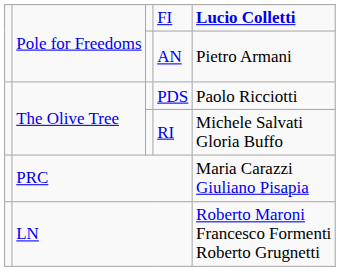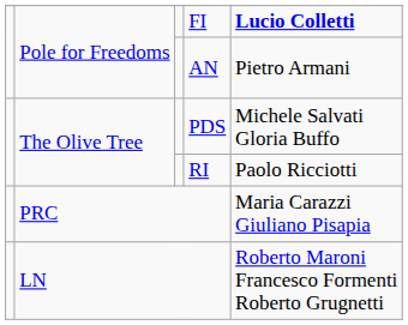 <table class=wikitable style=text-align:left>
 <tr>
 </tr>
 <tr>
 <td rowspan=2></td>
 <td rowspan=2><a href='#'>Pole for Freedoms</a></td>
 <td style="background:"></td>
 <td><a href='#'>FI</a></td>
 <td><strong><a href='#'>Lucio Colletti</a></strong></td>
 </tr>
 <tr style="height:3em;">
 <td style="background:"></td>
 <td><a href='#'>AN</a></td>
 <td>Pietro Armani</td>
 </tr>
 <tr>
 <td rowspan=2></td>
 <td rowspan=2><a href='#'>The Olive Tree</a></td>
 <td style="background:"></td>
 <td><a href='#'>PDS</a></td>
-<td>Paolo Ricciotti</td>
+<td>Michele Salvati<br>Gloria Buffo</td>
 </tr>
 <tr>
 <td style="background:"></td>
 <td><a href='#'>RI</a></td>
-<td>Michele Salvati<br>Gloria Buffo</td>
+<td>Paolo Ricciotti</td>
 </tr>
 <tr>
 <td style="background:"></td>
 <td colspan=3><a href='#'>PRC</a></td>
 <td>Maria Carazzi<br><a href='#'>Giuliano Pisapia</a></td>
 </tr>
 <tr>
 <td style="background:"></td>
 <td colspan=3><a href='#'>LN</a></td>
 <td><a href='#'>Roberto Maroni</a><br>Francesco Formenti<br>Roberto Grugnetti</td>
 </tr>
 </table>
